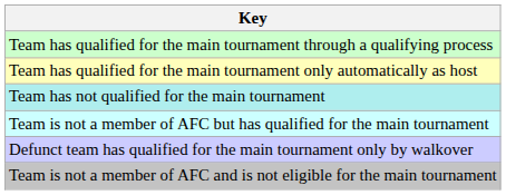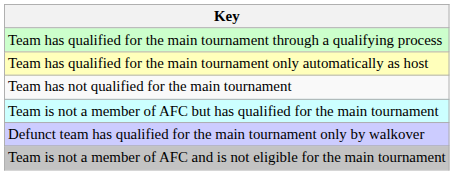 <table class="wikitable">
 <tr>
 <th>Key</th>
 </tr>
 <tr style="background:#cfc;">
 <td>Team has qualified for the main tournament through a qualifying process</td>
 </tr>
 <tr style="background:#ffffbb;">
 <td>Team has qualified for the main tournament only automatically as host</td>
 </tr>
 <tr>
-<td style="background: paleturquoise;">Team has not qualified for the main tournament</td>
+<td>Team has not qualified for the main tournament</td>
 </tr>
 <tr style="background:#ccffff;">
 <td>Team is not a member of AFC but has qualified for the main tournament</td>
 </tr>
 <tr style="background:#ccccff;">
 <td>Defunct team has qualified for the main tournament only by walkover</td>
 </tr>
 <tr style="background:#C3C3C3;">
 <td>Team is not a member of AFC and is not eligible for the main tournament</td>
 </tr>
 </table>
